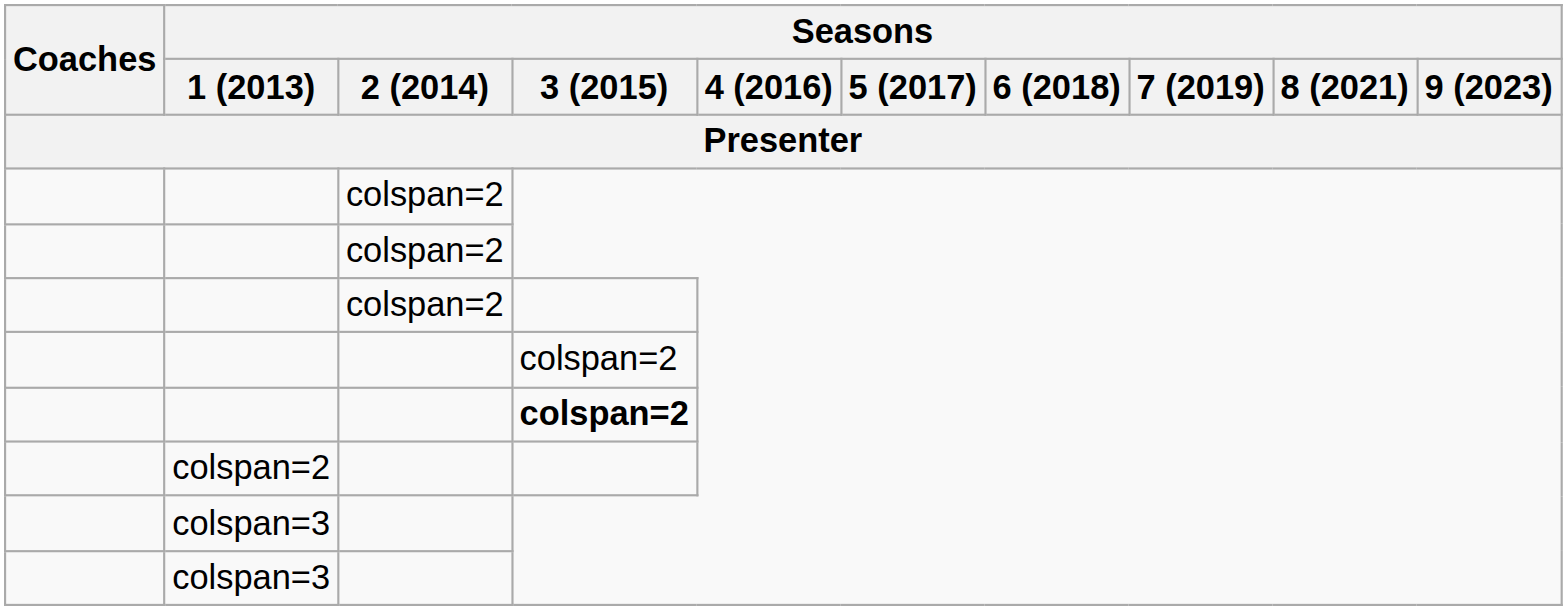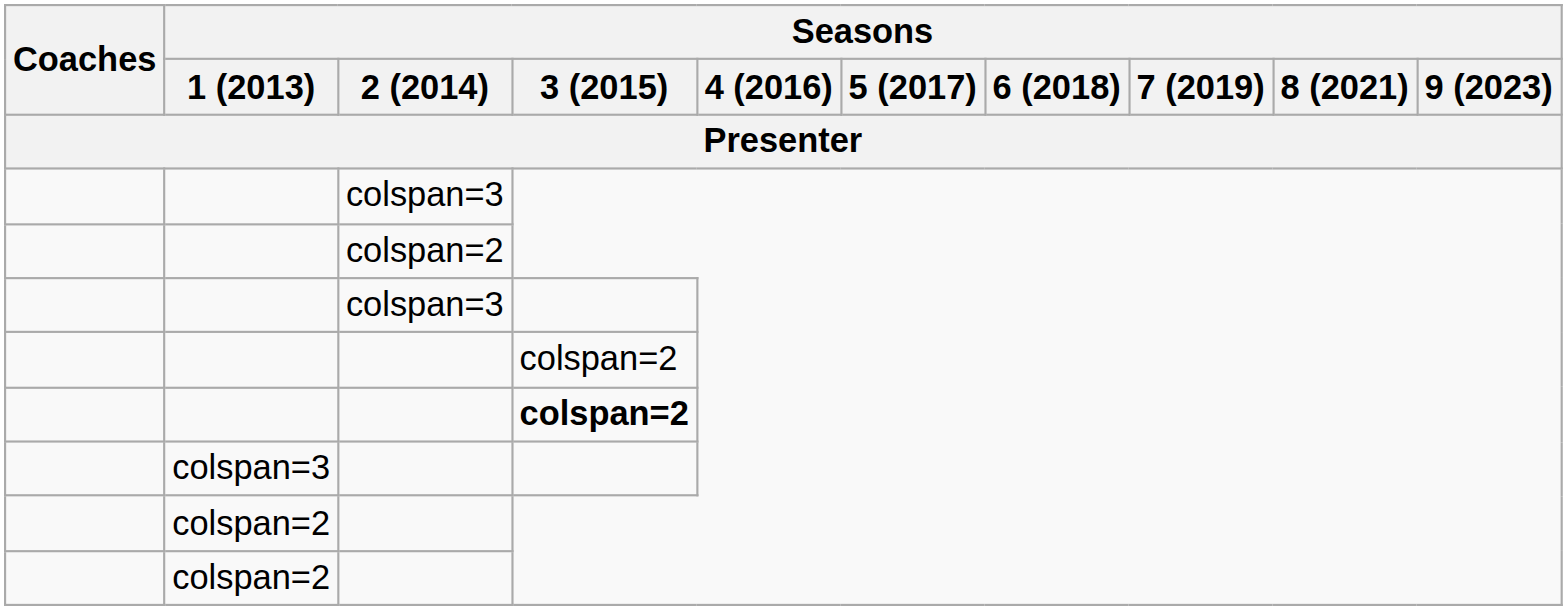 <table class="wikitable" width:"50%">
 <tr>
 <th rowspan="2">Coaches</th>
 <th colspan="9">Seasons</th>
 </tr>
 <tr>
 <th>1 (2013)</th>
 <th>2 (2014)</th>
 <th>3 (2015)</th>
 <th>4 (2016)</th>
 <th>5 (2017)</th>
 <th>6 (2018)</th>
 <th>7 (2019)</th>
 <th>8 (2021)</th>
 <th>9 (2023)</th>
 </tr>
 <tr>
 <th colspan="10">Presenter</th>
 </tr>
 <tr>
 <td></td>
 <td></td>
-<td>colspan=2 </td>
+<td>colspan=3 </td>
 </tr>
 <tr>
 <td></td>
 <td></td>
 <td>colspan=2 </td>
 </tr>
 <tr>
 <td></td>
 <td></td>
-<td>colspan=2 </td>
+<td>colspan=3 </td>
 <td></td>
 </tr>
 <tr>
 <td></td>
 <td></td>
 <td></td>
 <td>colspan=2 </td>
 </tr>
 <tr>
 <td></td>
 <td></td>
 <td></td>
 <td><strong>colspan=2 </strong></td>
 </tr>
 <tr>
 <td></td>
-<td>colspan=2 </td>
+<td>colspan=3 </td>
 <td></td>
 <td></td>
 </tr>
 <tr>
 <td></td>
-<td>colspan=3 </td>
+<td>colspan=2 </td>
 <td></td>
 </tr>
 <tr>
 <td></td>
-<td>colspan=3 </td>
+<td>colspan=2 </td>
 <td></td>
 </tr>
 </table>
